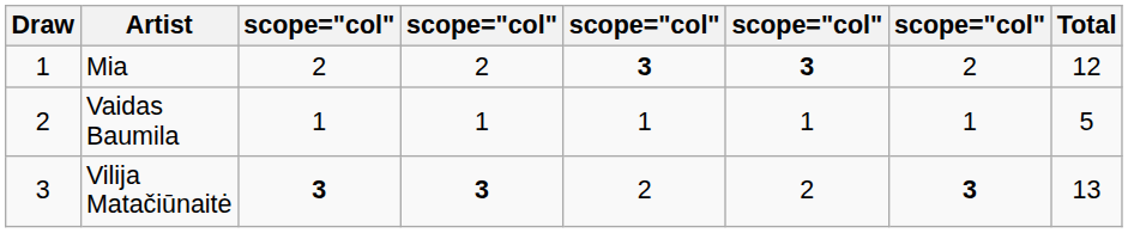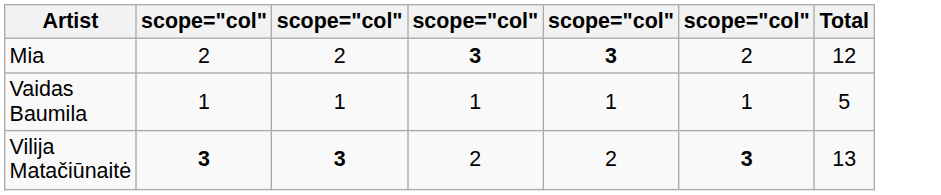 <table class="wikitable collapsible" style="margin: 1em auto 1em auto; text-align:center;">
 <tr>
-<th>Draw</th>
 <th>Artist</th>
 <th>scope="col" </th>
 <th>scope="col" </th>
 <th>scope="col" </th>
 <th>scope="col" </th>
 <th>scope="col" </th>
 <th>Total</th>
 </tr>
 <tr>
-<td>1</td>
 <td align="left">Mia</td>
 <td>2</td>
 <td>2</td>
 <td><strong>3</strong></td>
 <td><strong>3</strong></td>
 <td>2</td>
 <td>12</td>
 </tr>
 <tr>
-<td>2</td>
 <td align="left">Vaidas Baumila</td>
 <td>1</td>
 <td>1</td>
 <td>1</td>
 <td>1</td>
 <td>1</td>
 <td>5</td>
 </tr>
 <tr>
-<td>3</td>
 <td align="left">Vilija Matačiūnaitė</td>
 <td><strong>3</strong></td>
 <td><strong>3</strong></td>
 <td>2</td>
 <td>2</td>
 <td><strong>3</strong></td>
 <td>13</td>
 </tr>
 </table>
